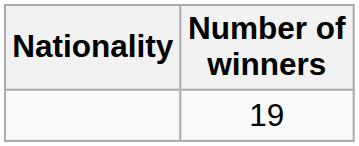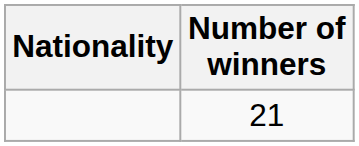 <table class="sortable wikitable">
 <tr>
 <th>Nationality</th>
 <th>Number of<br>winners</th>
 </tr>
 <tr>
 <td></td>
-<td align=center>19</td>
+<td align=center>21</td>
 </tr>
 </table>
